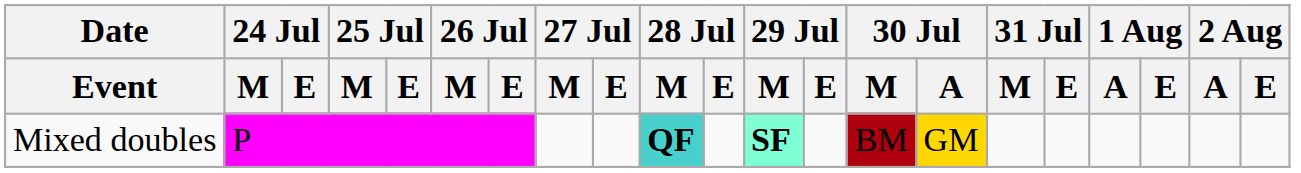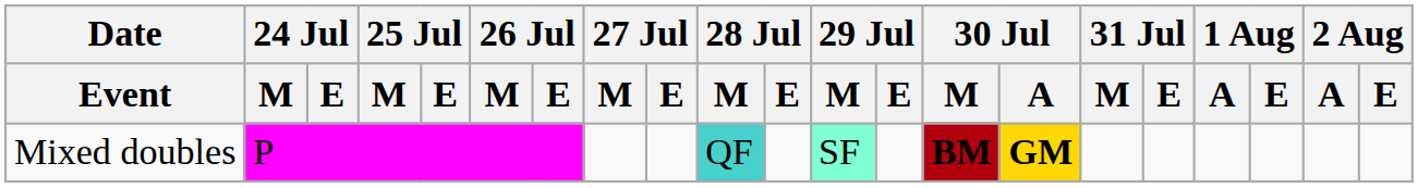 <table class="wikitable olympic-schedule Badminton">
 <tr>
 <th>Date</th>
 <th colspan="2">24 Jul</th>
 <th colspan="2">25 Jul</th>
 <th colspan="2">26 Jul</th>
 <th colspan="2">27 Jul</th>
 <th colspan="2">28 Jul</th>
 <th colspan="2">29 Jul</th>
 <th colspan="2">30 Jul</th>
 <th colspan="2">31 Jul</th>
 <th colspan="2">1 Aug</th>
 <th colspan="2">2 Aug</th>
 </tr>
 <tr>
 <th>Event</th>
 <th>M</th>
 <th>E</th>
 <th>M</th>
 <th>E</th>
 <th>M</th>
 <th>E</th>
 <th>M</th>
 <th>E</th>
 <th>M</th>
 <th>E</th>
 <th>M</th>
 <th>E</th>
 <th>M</th>
 <th>A</th>
 <th>M</th>
 <th>E</th>
 <th>A</th>
 <th>E</th>
 <th>A</th>
 <th>E</th>
 </tr>
 <tr>
 <td class="event">Mixed doubles</td>
 <td colspan=6 bgcolor="#FF00FF" class="prelims">P</td>
 <td></td>
 <td></td>
-<td bgcolor="#48D1CC" class="quarterfinals"><strong>QF</strong></td>
+<td bgcolor="#48D1CC" class="quarterfinals">QF</td>
 <td></td>
-<td bgcolor="#7FFFD4" class="semifinals"><strong>SF</strong></td>
+<td bgcolor="#7FFFD4" class="semifinals">SF</td>
 <td></td>
-<td bgcolor="bronze">BM</td>
-<td bgcolor="gold" class="finals">GM</td>
+<td bgcolor="bronze"><strong>BM</strong></td>
+<td bgcolor="gold" class="finals"><strong>GM</strong></td>
 <td></td>
 <td></td>
 <td></td>
 <td></td>
 <td></td>
 <td></td>
 </tr>
 </table>
